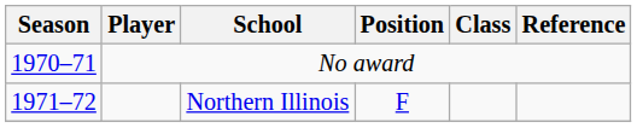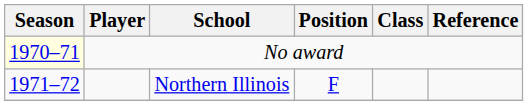 <table class="wikitable unsortable" style="text-align:center;">
 <tr>
 <th>Season</th>
 <th>Player</th>
 <th>School</th>
 <th>Position</th>
 <th>Class</th>
 <th>Reference</th>
 </tr>
 <tr>
-<td><a href='#'>1970–71</a></td>
+<td style="background: lightyellow;"><a href='#'>1970–71</a></td>
 <td colspan= 5><em>No award</em></td>
 </tr>
 <tr>
 <td><a href='#'>1971–72</a></td>
 <td></td>
 <td><a href='#'>Northern Illinois</a></td>
 <td><a href='#'>F</a></td>
 <td></td>
 <td align=center></td>
 </tr>
 <tr>
 </tr>
 </table>
